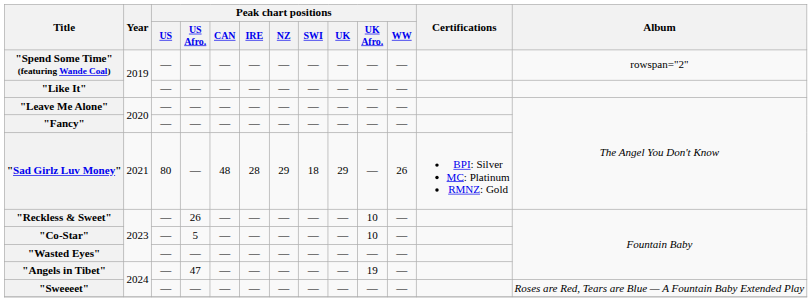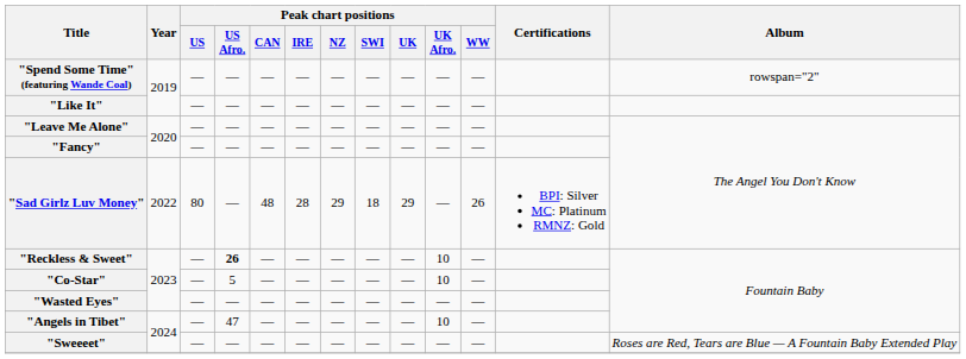 <table class="wikitable plainrowheaders" style="text-align:center">
 <tr>
 <th scope="col" rowspan="2">Title</th>
 <th scope="col" rowspan="2">Year</th>
 <th scope="col" colspan="9">Peak chart positions</th>
 <th scope="col" rowspan="2">Certifications</th>
 <th scope="col" rowspan="2">Album</th>
 </tr>
 <tr>
 <th scope="col" style="width:2.5em;font-size:90%;"><a href='#'>US</a><br></th>
 <th scope="col" style="width:2.5em;font-size:90%;"><a href='#'>US<br>Afro.</a><br></th>
 <th scope="col" style="width:2.5em;font-size:90%;"><a href='#'>CAN</a><br></th>
 <th scope="col" style="width:2.5em;font-size:90%;"><a href='#'>IRE</a><br></th>
 <th scope="col" style="width:2.5em;font-size:90%;"><a href='#'>NZ</a><br></th>
 <th scope="col" style="width:2.5em;font-size:90%;"><a href='#'>SWI</a><br></th>
 <th scope="col" style="width:2.5em;font-size:90%;"><a href='#'>UK</a><br></th>
 <th scope="col" style="width:2.5em;font-size:90%;"><a href='#'>UK<br>Afro.</a><br></th>
 <th scope="col" style="width:2.5em;font-size:90%;"><a href='#'>WW</a><br></th>
 </tr>
 <tr>
 <th scope="row">"Spend Some Time"<br><small>(featuring <a href='#'>Wande Coal</a>)</small></th>
 <td rowspan="2">2019</td>
 <td>—</td>
 <td>—</td>
 <td>—</td>
 <td>—</td>
 <td>—</td>
 <td>—</td>
 <td>—</td>
 <td>—</td>
 <td>—</td>
 <td></td>
 <td>rowspan="2" </td>
 </tr>
 <tr>
 <th scope="row">"Like It"</th>
 <td>—</td>
 <td>—</td>
 <td>—</td>
 <td>—</td>
 <td>—</td>
 <td>—</td>
 <td>—</td>
 <td>—</td>
 <td>—</td>
 <td></td>
 </tr>
 <tr>
 <th scope="row">"Leave Me Alone"</th>
 <td rowspan="2">2020</td>
 <td>—</td>
 <td>—</td>
 <td>—</td>
 <td>—</td>
 <td>—</td>
 <td>—</td>
 <td>—</td>
 <td>—</td>
 <td>—</td>
 <td></td>
 <td rowspan="3"><em>The Angel You Don't Know</em></td>
 </tr>
 <tr>
 <th scope="row">"Fancy"</th>
 <td>—</td>
 <td>—</td>
 <td>—</td>
 <td>—</td>
 <td>—</td>
 <td>—</td>
 <td>—</td>
 <td>—</td>
 <td>—</td>
 <td></td>
 </tr>
 <tr>
 <th scope="row">"<a href='#'>Sad Girlz Luv Money</a>"<br></th>
-<td>2021</td>
+<td>2022</td>
 <td>80</td>
 <td>—</td>
 <td>48</td>
 <td>28</td>
 <td>29</td>
 <td>18</td>
 <td>29</td>
 <td>—</td>
 <td>26</td>
 <td><br><ul><li><a href='#'>BPI</a>: Silver</li><li><a href='#'>MC</a>: Platinum</li><li><a href='#'>RMNZ</a>: Gold</li></ul></td>
 </tr>
 <tr>
 <th scope="row">"Reckless & Sweet"</th>
 <td rowspan="3">2023</td>
 <td>—</td>
-<td>26</td>
+<td><strong>26</strong></td>
 <td>—</td>
 <td>—</td>
 <td>—</td>
 <td>—</td>
 <td>—</td>
 <td>10</td>
 <td>—</td>
 <td></td>
 <td rowspan="4"><em>Fountain Baby</em></td>
 </tr>
 <tr>
 <th scope="row">"Co-Star"</th>
 <td>—</td>
 <td>5</td>
 <td>—</td>
 <td>—</td>
 <td>—</td>
 <td>—</td>
 <td>—</td>
 <td>10</td>
 <td>—</td>
 <td></td>
 </tr>
 <tr>
 <th scope="row">"Wasted Eyes"</th>
 <td>—</td>
 <td>—</td>
 <td>—</td>
 <td>—</td>
 <td>—</td>
 <td>—</td>
 <td>—</td>
 <td>—</td>
 <td>—</td>
 <td></td>
 </tr>
 <tr>
 <th scope="row">"Angels in Tibet"</th>
 <td rowspan="2">2024</td>
 <td>—</td>
 <td>47</td>
 <td>—</td>
 <td>—</td>
 <td>—</td>
 <td>—</td>
 <td>—</td>
-<td>19</td>
+<td>10</td>
 <td>—</td>
 <td></td>
 </tr>
 <tr>
 <th scope="row">"Sweeeet"</th>
 <td>—</td>
 <td>—</td>
 <td>—</td>
 <td>—</td>
 <td>—</td>
 <td>—</td>
 <td>—</td>
 <td>—</td>
 <td>—</td>
 <td></td>
 <td><em>Roses are Red, Tears are Blue — A Fountain Baby Extended Play</em></td>
 </tr>
 <tr>
 </tr>
 </table>
